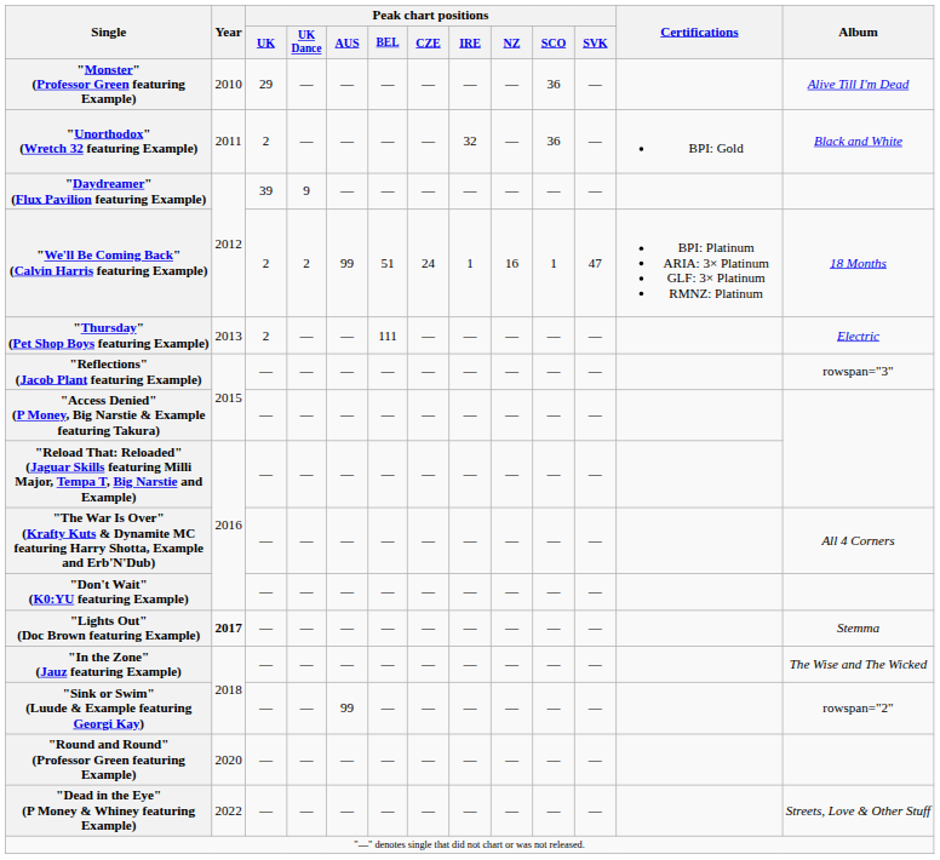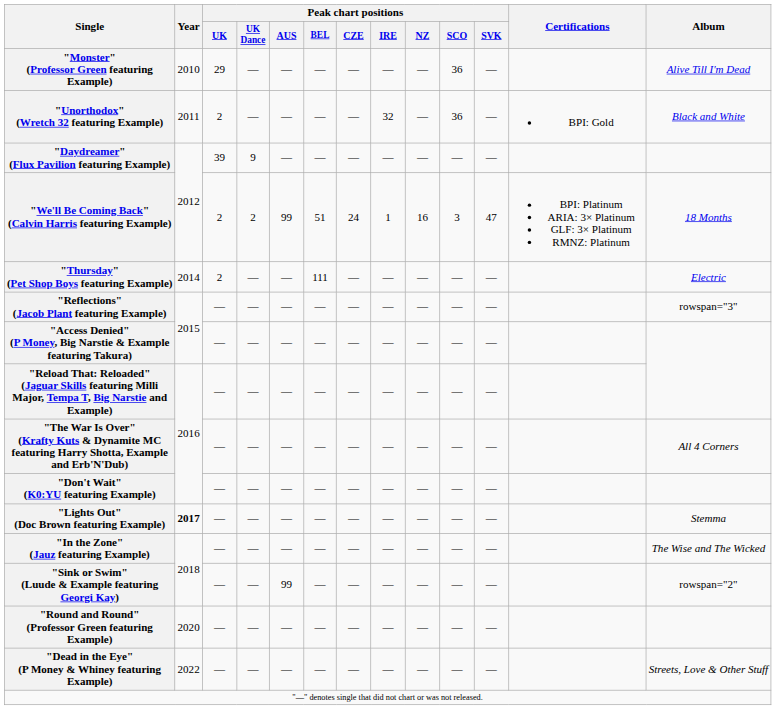 <table class="wikitable plainrowheaders" style="text-align:center;">
 <tr>
 <th scope="col" rowspan="2" style="width:15em;">Single</th>
 <th scope="col" rowspan="2" style="width:1em;">Year</th>
 <th scope="col" colspan="9">Peak chart positions</th>
 <th scope="col" rowspan="2" style="width:12em;"><a href='#'>Certifications</a></th>
 <th scope="col" rowspan="2">Album</th>
 </tr>
 <tr>
 <th scope="col" style="width:3em;font-size:90%;"><a href='#'>UK</a><br></th>
 <th scope="col" style="width:3em;font-size:85%;"><a href='#'>UK Dance</a></th>
 <th scope="col" style="width:3em;font-size:90%;"><a href='#'>AUS</a><br></th>
 <th scope="col" style="width:3em;font-size:85%;"><a href='#'>BEL</a></th>
 <th scope="col" style="width:3em;font-size:90%;"><a href='#'>CZE</a></th>
 <th scope="col" style="width:3em;font-size:90%;"><a href='#'>IRE</a><br></th>
 <th scope="col" style="width:3em;font-size:90%;"><a href='#'>NZ</a><br></th>
 <th scope="col" style="width:3em;font-size:90%;"><a href='#'>SCO</a></th>
 <th scope="col" style="width:3em;font-size:90%;"><a href='#'>SVK</a></th>
 </tr>
 <tr>
 <th scope="row">"<a href='#'>Monster</a>"<br><span>(<a href='#'>Professor Green</a> featuring Example)</span></th>
 <td>2010</td>
 <td>29</td>
 <td>—</td>
 <td>—</td>
 <td>—</td>
 <td>—</td>
 <td>—</td>
 <td>—</td>
 <td>36</td>
 <td>—</td>
 <td></td>
 <td><em><a href='#'>Alive Till I'm Dead</a></em></td>
 </tr>
 <tr>
 <th scope="row">"<a href='#'>Unorthodox</a>"<br><span>(<a href='#'>Wretch 32</a> featuring Example)</span></th>
 <td>2011</td>
 <td>2</td>
 <td>—</td>
 <td>—</td>
 <td>—</td>
 <td>—</td>
 <td>32</td>
 <td>—</td>
 <td>36</td>
 <td>—</td>
 <td><br><ul><li>BPI: Gold</li></ul></td>
 <td><em><a href='#'>Black and White</a></em></td>
 </tr>
 <tr>
 <th scope="row">"<a href='#'>Daydreamer</a>"<br><span>(<a href='#'>Flux Pavilion</a> featuring Example)</span></th>
 <td rowspan="2">2012</td>
 <td>39</td>
 <td>9</td>
 <td>—</td>
 <td>—</td>
 <td>—</td>
 <td>—</td>
 <td>—</td>
 <td>—</td>
 <td>—</td>
 <td></td>
 <td></td>
 </tr>
 <tr>
 <th scope="row">"<a href='#'>We'll Be Coming Back</a>"<br><span>(<a href='#'>Calvin Harris</a> featuring Example)</span></th>
 <td>2</td>
 <td>2</td>
 <td>99</td>
 <td>51</td>
 <td>24</td>
 <td>1</td>
 <td>16</td>
-<td>1</td>
+<td>3</td>
 <td>47</td>
 <td><br><ul><li>BPI: Platinum</li><li>ARIA: 3× Platinum</li><li>GLF: 3× Platinum </li><li>RMNZ: Platinum</li></ul></td>
 <td><em><a href='#'>18 Months</a></em></td>
 </tr>
 <tr>
 <th scope="row">"<a href='#'>Thursday</a>"<br><span>(<a href='#'>Pet Shop Boys</a> featuring Example)</span></th>
-<td>2013</td>
+<td>2014</td>
 <td>2</td>
 <td>—</td>
 <td>—</td>
 <td>111</td>
 <td>—</td>
 <td>—</td>
 <td>—</td>
 <td>—</td>
 <td>—</td>
 <td></td>
 <td><em><a href='#'>Electric</a></em></td>
 </tr>
 <tr>
 <th scope="row">"Reflections"<br><span>(<a href='#'>Jacob Plant</a> featuring Example)</span></th>
 <td rowspan="2">2015</td>
 <td>—</td>
 <td>—</td>
 <td>—</td>
 <td>—</td>
 <td>—</td>
 <td>—</td>
 <td>—</td>
 <td>—</td>
 <td>—</td>
 <td></td>
 <td>rowspan="3" </td>
 </tr>
 <tr>
 <th scope="row">"Access Denied"<br><span>(<a href='#'>P Money</a>, Big Narstie & Example featuring Takura)</span></th>
 <td>—</td>
 <td>—</td>
 <td>—</td>
 <td>—</td>
 <td>—</td>
 <td>—</td>
 <td>—</td>
 <td>—</td>
 <td>—</td>
 <td></td>
 </tr>
 <tr>
 <th scope="row">"Reload That: Reloaded"<br><span>(<a href='#'>Jaguar Skills</a> featuring Milli Major, <a href='#'>Tempa T</a>, <a href='#'>Big Narstie</a> and Example)</span></th>
 <td rowspan="3">2016</td>
 <td>—</td>
 <td>—</td>
 <td>—</td>
 <td>—</td>
 <td>—</td>
 <td>—</td>
 <td>—</td>
 <td>—</td>
 <td>—</td>
 <td></td>
 </tr>
 <tr>
 <th scope="row">"The War Is Over"<br><span>(<a href='#'>Krafty Kuts</a> & Dynamite MC featuring Harry Shotta, Example and Erb'N'Dub) </span></th>
 <td>—</td>
 <td>—</td>
 <td>—</td>
 <td>—</td>
 <td>—</td>
 <td>—</td>
 <td>—</td>
 <td>—</td>
 <td>—</td>
 <td></td>
 <td><em>All 4 Corners</em></td>
 </tr>
 <tr>
 <th scope="row">"Don't Wait"<br><span>(<a href='#'>K0:YU</a> featuring Example)</span></th>
 <td>—</td>
 <td>—</td>
 <td>—</td>
 <td>—</td>
 <td>—</td>
 <td>—</td>
 <td>—</td>
 <td>—</td>
 <td>—</td>
 <td></td>
 <td></td>
 </tr>
 <tr>
 <th scope="row">"Lights Out"<br><span>(Doc Brown featuring Example)</span></th>
 <td><strong>2017</strong></td>
 <td>—</td>
 <td>—</td>
 <td>—</td>
 <td>—</td>
 <td>—</td>
 <td>—</td>
 <td>—</td>
 <td>—</td>
 <td>—</td>
 <td></td>
 <td><em>Stemma</em></td>
 </tr>
 <tr>
 <th scope="row">"In the Zone"<br><span>(<a href='#'>Jauz</a> featuring Example)</span></th>
 <td rowspan="2">2018</td>
 <td>—</td>
 <td>—</td>
 <td>—</td>
 <td>—</td>
 <td>—</td>
 <td>—</td>
 <td>—</td>
 <td>—</td>
 <td>—</td>
 <td></td>
 <td><em>The Wise and The Wicked</em></td>
 </tr>
 <tr>
 <th scope="row">"Sink or Swim"<br><span>(Luude & Example featuring <a href='#'>Georgi Kay</a>)</span></th>
 <td>—</td>
 <td>—</td>
 <td>99</td>
 <td>—</td>
 <td>—</td>
 <td>—</td>
 <td>—</td>
 <td>—</td>
 <td>—</td>
 <td></td>
 <td>rowspan="2" </td>
 </tr>
 <tr>
 <th scope="row">"Round and Round"<br><span>(Professor Green featuring Example)</span></th>
 <td>2020</td>
 <td>—</td>
 <td>—</td>
 <td>—</td>
 <td>—</td>
 <td>—</td>
 <td>—</td>
 <td>—</td>
 <td>—</td>
 <td>—</td>
 <td></td>
 </tr>
 <tr>
 <th scope="row">"Dead in the Eye"<br><span>(P Money & Whiney featuring Example)</span></th>
 <td>2022</td>
 <td>—</td>
 <td>—</td>
 <td>—</td>
 <td>—</td>
 <td>—</td>
 <td>—</td>
 <td>—</td>
 <td>—</td>
 <td>—</td>
 <td></td>
 <td><em>Streets, Love & Other Stuff</em></td>
 </tr>
 <tr>
 <td colspan="17" style="font-size:9pt">"—" denotes single that did not chart or was not released.</td>
 </tr>
 </table>
